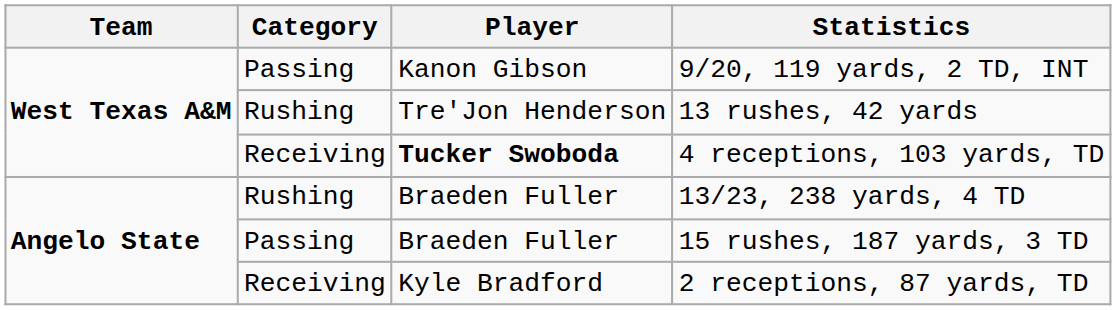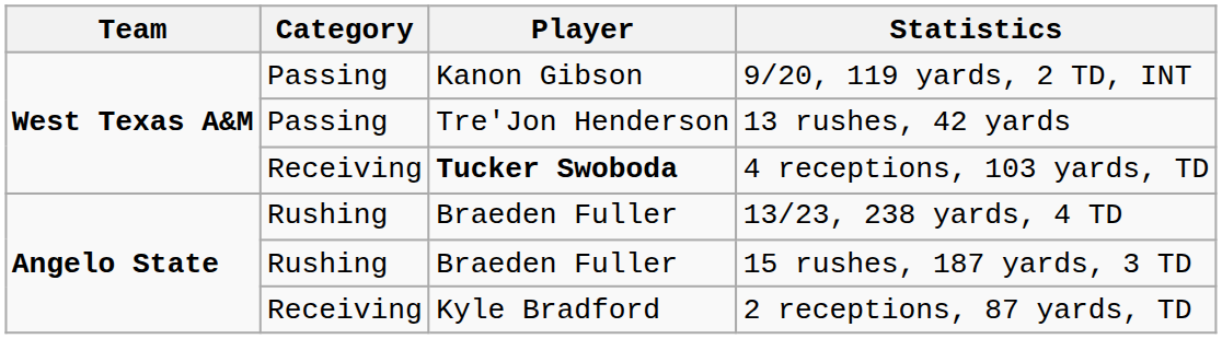 <table class="wikitable" style="float: right;">
 <tr>
 <th>Team</th>
 <th>Category</th>
 <th>Player</th>
 <th>Statistics</th>
 </tr>
 <tr>
 <td rowspan=3><strong>West Texas A&M</strong></td>
 <td>Passing</td>
 <td>Kanon Gibson</td>
 <td>9/20, 119 yards, 2 TD, INT</td>
 </tr>
 <tr>
-<td>Rushing</td>
+<td>Passing</td>
 <td>Tre'Jon Henderson</td>
 <td>13 rushes, 42 yards</td>
 </tr>
 <tr>
 <td>Receiving</td>
 <td><strong>Tucker Swoboda</strong></td>
 <td>4 receptions, 103 yards, TD</td>
 </tr>
 <tr>
 <td rowspan=3><strong>Angelo State</strong></td>
 <td>Rushing</td>
 <td>Braeden Fuller</td>
 <td>13/23, 238 yards, 4 TD</td>
 </tr>
 <tr>
-<td>Passing</td>
+<td>Rushing</td>
 <td>Braeden Fuller</td>
 <td>15 rushes, 187 yards, 3 TD</td>
 </tr>
 <tr>
 <td>Receiving</td>
 <td>Kyle Bradford</td>
 <td>2 receptions, 87 yards, TD</td>
 </tr>
 </table>
